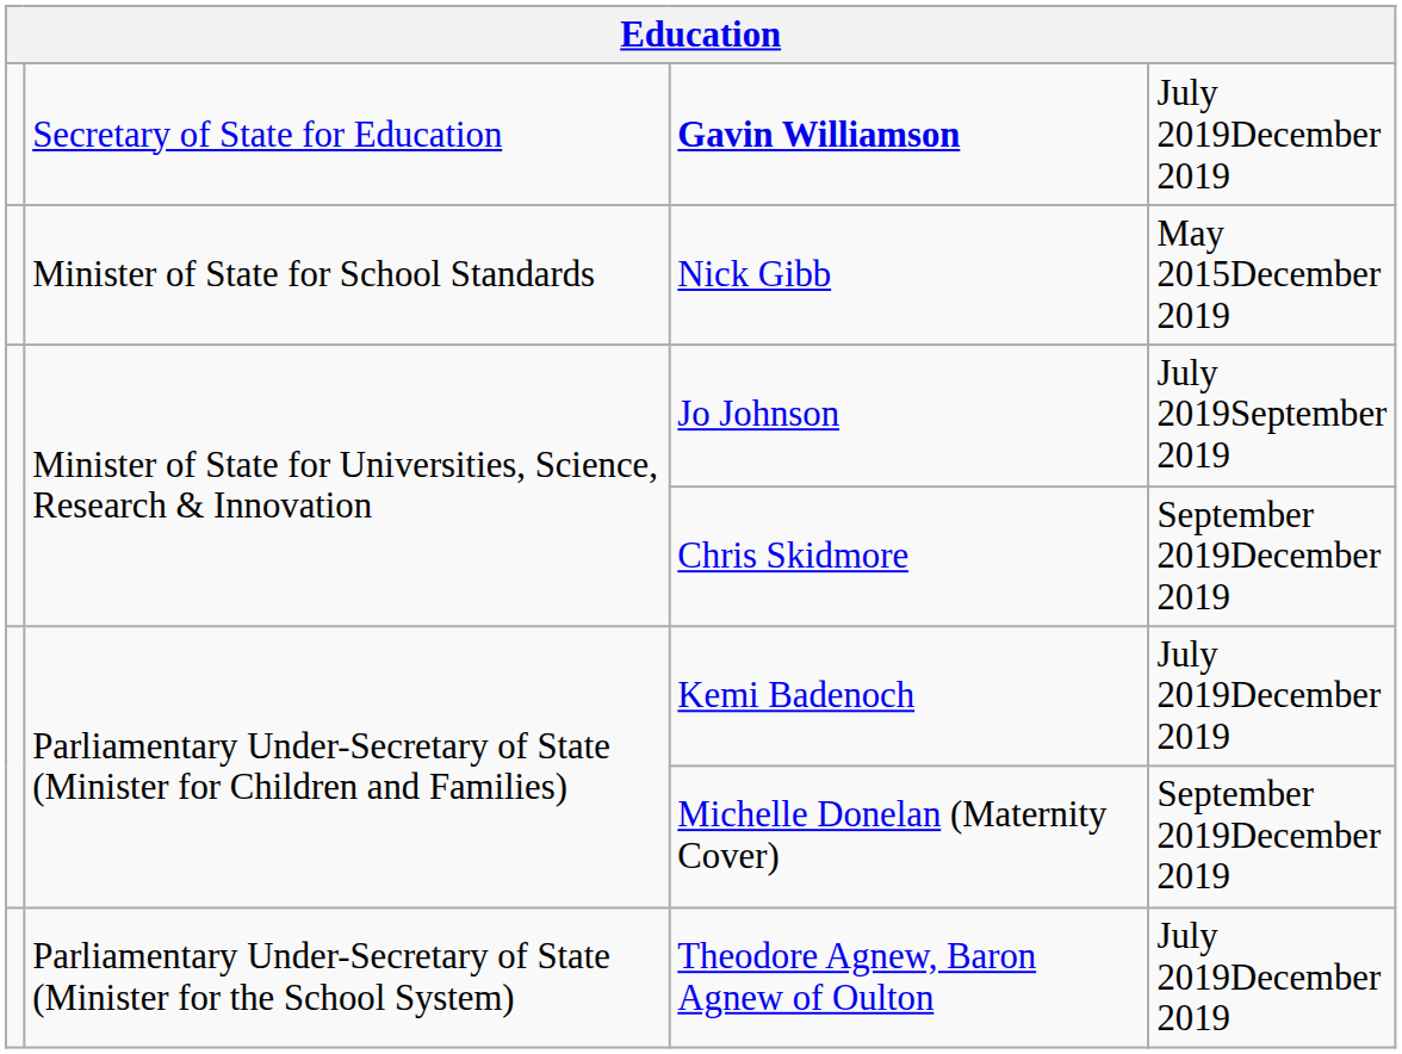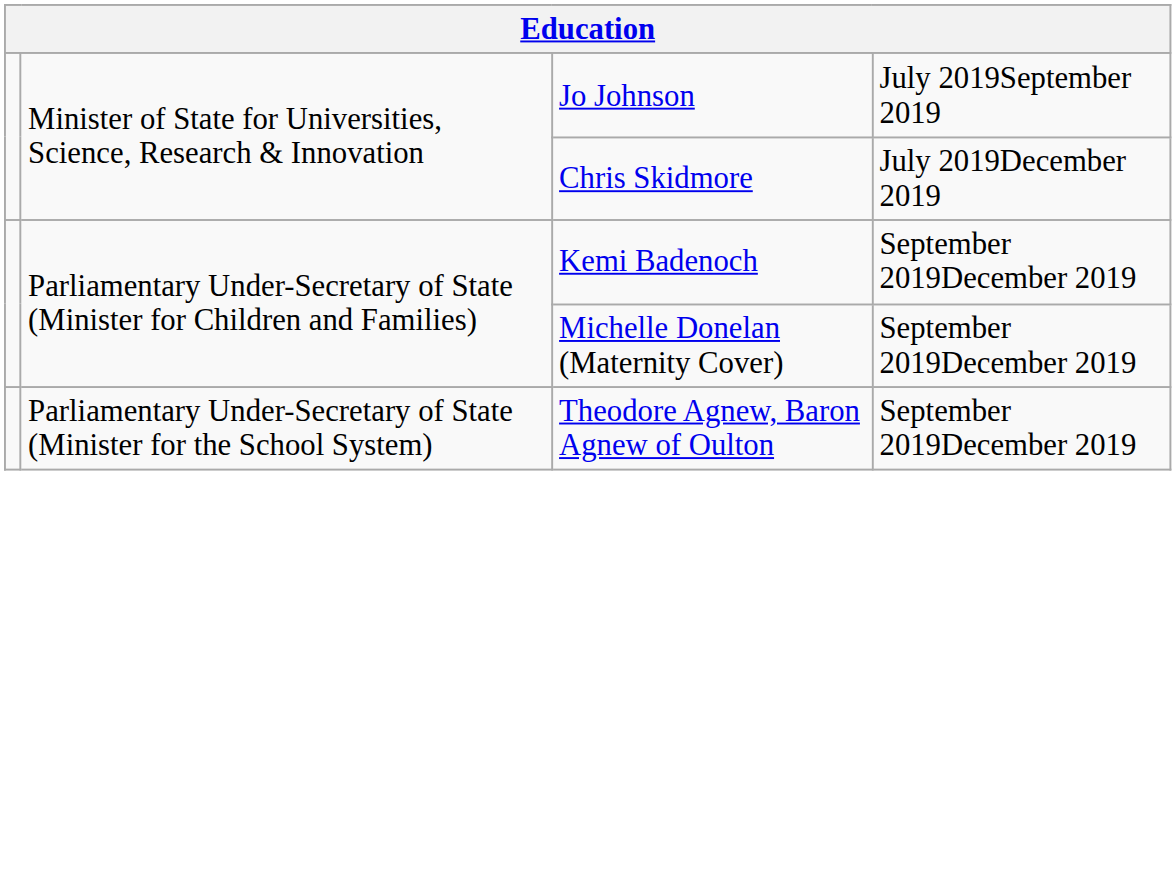 <table class="wikitable">
 <tr>
 <th colspan="4"><a href='#'>Education</a></th>
-</tr>
-<tr>
-<td style="width: 1px; background: "></td>
-<td style="width: 450px;"><a href='#'>Secretary of State for Education</a></td>
-<td style="width: 320px;"><strong><a href='#'>Gavin Williamson</a></strong></td>
-<td>July 2019December 2019</td>
-</tr>
-<tr>
-<td style="width: 1px; background: "></td>
-<td>Minister of State for School Standards</td>
-<td style="width: 320px;"><a href='#'>Nick Gibb</a></td>
-<td>May 2015December 2019</td>
 </tr>
 <tr>
 <td rowspan=2 style="width: 1px; background: "></td>
 <td rowspan=2>Minister of State for Universities, Science, Research & Innovation</td>
 <td><a href='#'>Jo Johnson</a><br></td>
 <td>July 2019September 2019</td>
 </tr>
 <tr>
 <td><a href='#'>Chris Skidmore</a><br></td>
-<td>September 2019December 2019</td>
+<td>July 2019December 2019</td>
 </tr>
 <tr>
 <td rowspan=2 style="width: 1px; background: "></td>
 <td rowspan=2>Parliamentary Under-Secretary of State (Minister for Children and Families)</td>
 <td><a href='#'>Kemi Badenoch</a></td>
-<td>July 2019December 2019</td>
+<td>September 2019December 2019</td>
 </tr>
 <tr>
 <td><a href='#'>Michelle Donelan</a> (Maternity Cover)</td>
 <td>September 2019December 2019</td>
 </tr>
 <tr>
 <td style="width: 1px; background: "></td>
 <td>Parliamentary Under-Secretary of State (Minister for the School System)</td>
 <td><a href='#'>Theodore Agnew, Baron Agnew of Oulton</a> </td>
-<td>July 2019December 2019</td>
+<td>September 2019December 2019</td>
 </tr>
 </table>
